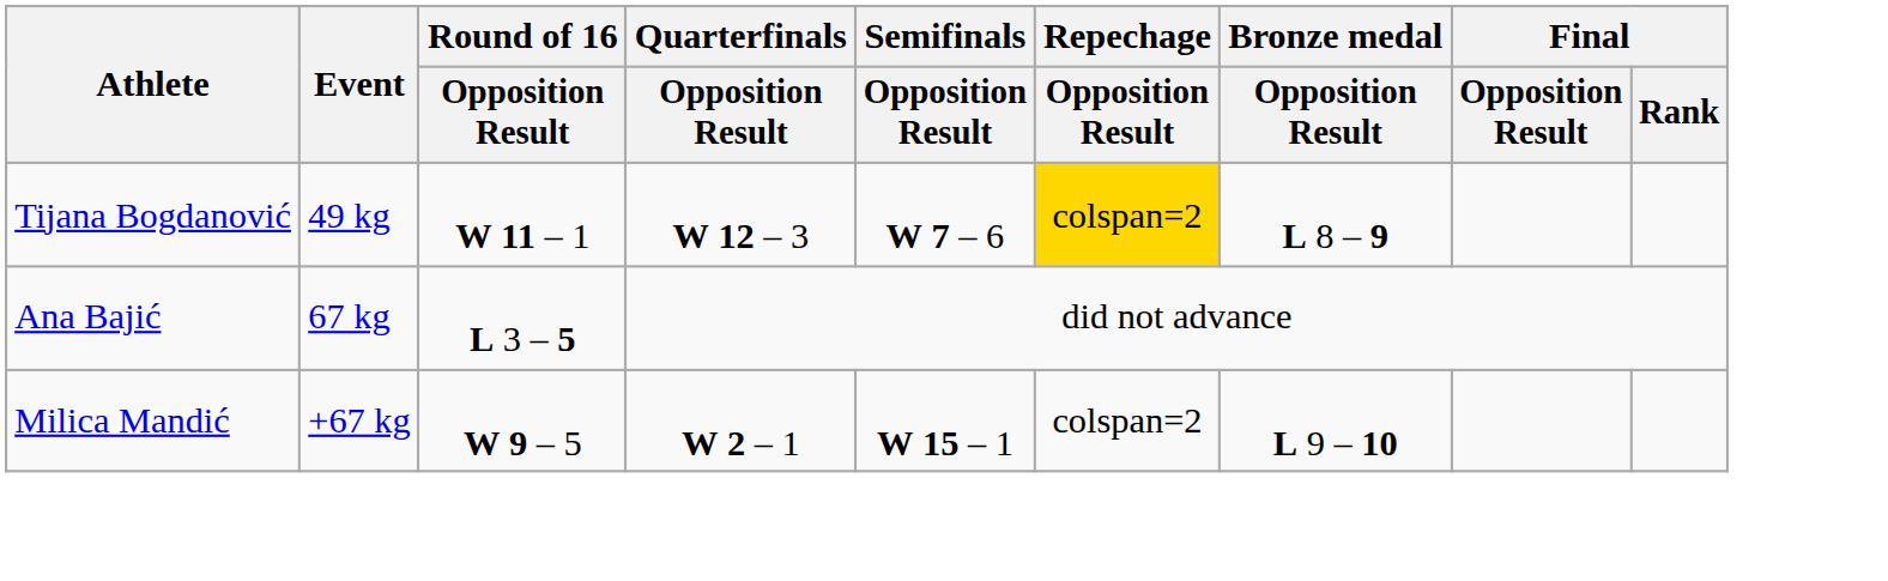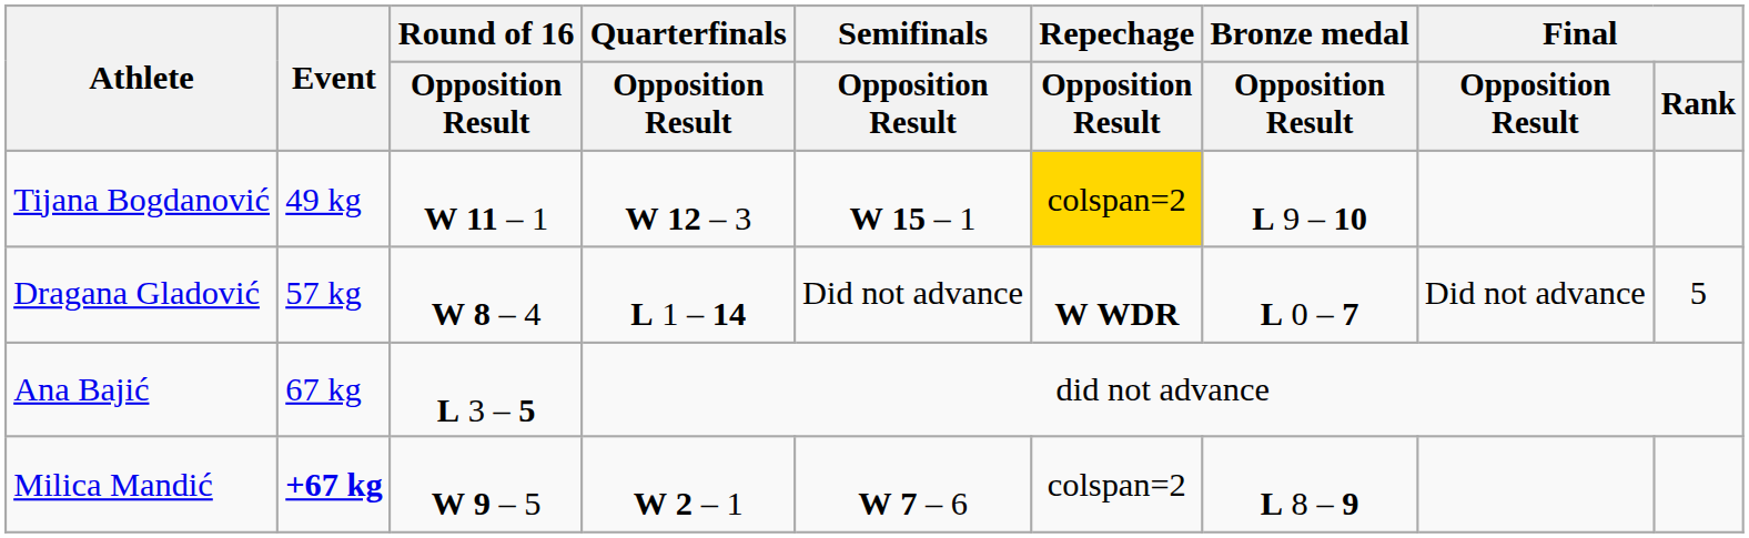 <table class="wikitable" style="font-size:90%">
 <tr>
 <th rowspan="2">Athlete</th>
 <th rowspan="2">Event</th>
 <th>Round of 16</th>
 <th>Quarterfinals</th>
 <th>Semifinals</th>
 <th>Repechage</th>
 <th>Bronze medal</th>
 <th colspan=2>Final</th>
 </tr>
 <tr style="font-size:95%">
 <th>Opposition<br>Result</th>
 <th>Opposition<br>Result</th>
 <th>Opposition<br>Result</th>
 <th>Opposition<br>Result</th>
 <th>Opposition<br>Result</th>
 <th>Opposition<br>Result</th>
 <th>Rank</th>
 </tr>
 <tr align=center>
 <td align=left><a href='#'>Tijana Bogdanović</a></td>
 <td align=left><a href='#'>49 kg</a></td>
 <td> <br> <strong>W</strong> <strong>11</strong> – 1</td>
 <td> <br> <strong>W</strong> <strong>12</strong> – 3</td>
-<td> <br> <strong>W</strong> <strong>7</strong> – 6</td>
+<td> <br> <strong>W</strong> <strong>15</strong> – 1</td>
 <td style="background: gold;">colspan=2 </td>
-<td> <br> <strong>L</strong> 8 – <strong>9</strong></td>
+<td> <br> <strong>L</strong> 9 – <strong>10</strong></td>
 <td></td>
+</tr>
+<tr align=center>
+<td align=left><a href='#'>Dragana Gladović</a></td>
+<td align=left><a href='#'>57 kg</a></td>
+<td> <br> <strong>W</strong> <strong>8</strong> – 4</td>
+<td> <br> <strong>L</strong> 1 – <strong>14</strong></td>
+<td>Did not advance</td>
+<td> <br> <strong>W</strong> <strong>WDR</strong></td>
+<td> <br> <strong>L</strong> 0 – <strong>7</strong></td>
+<td>Did not advance</td>
+<td>5</td>
 </tr>
 <tr align=center>
 <td align=left><a href='#'>Ana Bajić</a></td>
 <td align=left><a href='#'>67 kg</a></td>
 <td> <br> <strong>L</strong> 3 – <strong>5</strong></td>
 <td colspan=6>did not advance</td>
 </tr>
 <tr align=center>
 <td align=left><a href='#'>Milica Mandić</a></td>
-<td align=left><a href='#'>+67 kg</a></td>
+<td align=left><strong><a href='#'>+67 kg</a></strong></td>
 <td> <br> <strong>W</strong> <strong>9</strong> – 5</td>
 <td> <br> <strong>W</strong> <strong>2</strong> – 1</td>
-<td> <br> <strong>W</strong> <strong>15</strong> – 1</td>
+<td> <br> <strong>W</strong> <strong>7</strong> – 6</td>
 <td>colspan=2 </td>
-<td> <br> <strong>L</strong> 9 – <strong>10</strong></td>
+<td> <br> <strong>L</strong> 8 – <strong>9</strong></td>
 <td></td>
 </tr>
 </table>
